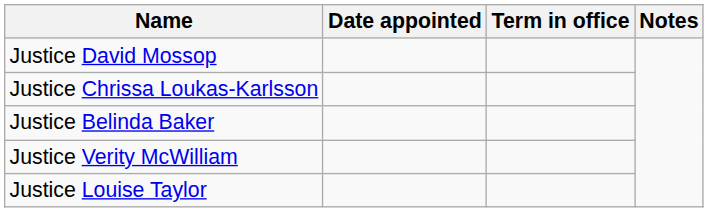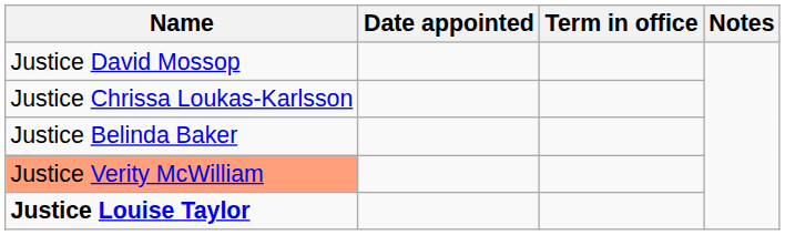 <table class="wikitable">
 <tr>
 <th>Name</th>
 <th>Date appointed</th>
 <th>Term in office</th>
 <th>Notes</th>
 </tr>
 <tr>
 <td>Justice <a href='#'>David Mossop</a></td>
 <td></td>
 <td align=right></td>
 <td rowspan="5"></td>
 </tr>
 <tr>
 <td>Justice <a href='#'>Chrissa Loukas-Karlsson</a></td>
 <td></td>
 <td align=right></td>
 </tr>
 <tr>
 <td>Justice <a href='#'>Belinda Baker</a></td>
 <td></td>
 <td align=right></td>
 </tr>
 <tr>
-<td>Justice <a href='#'>Verity McWilliam</a></td>
+<td style="background: lightsalmon;">Justice <a href='#'>Verity McWilliam</a></td>
 <td></td>
 <td align=right></td>
 </tr>
 <tr>
-<td>Justice <a href='#'>Louise Taylor</a></td>
+<td><strong>Justice <a href='#'>Louise Taylor</a></strong></td>
 <td></td>
 <td align=right></td>
 </tr>
 </table>
